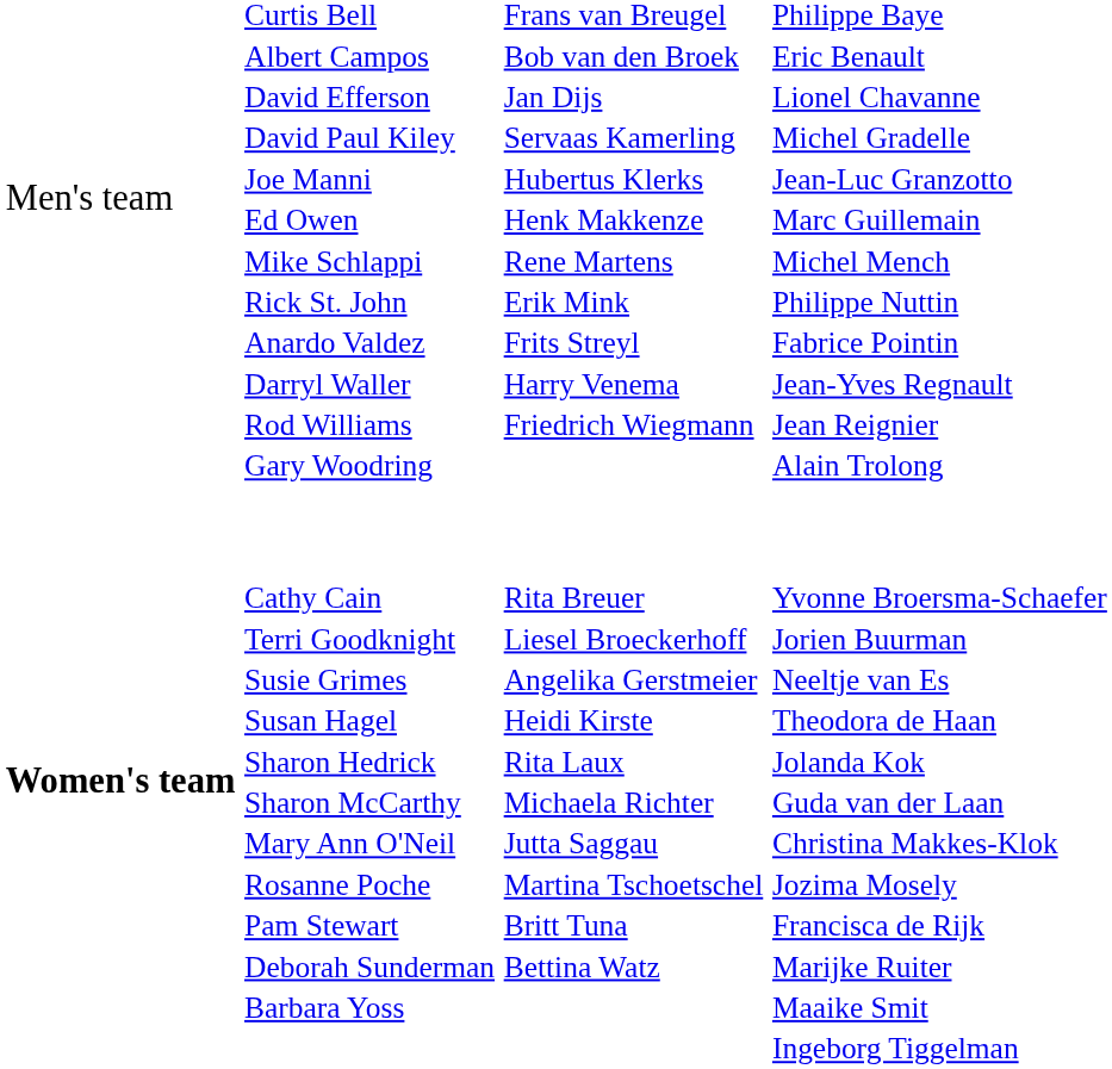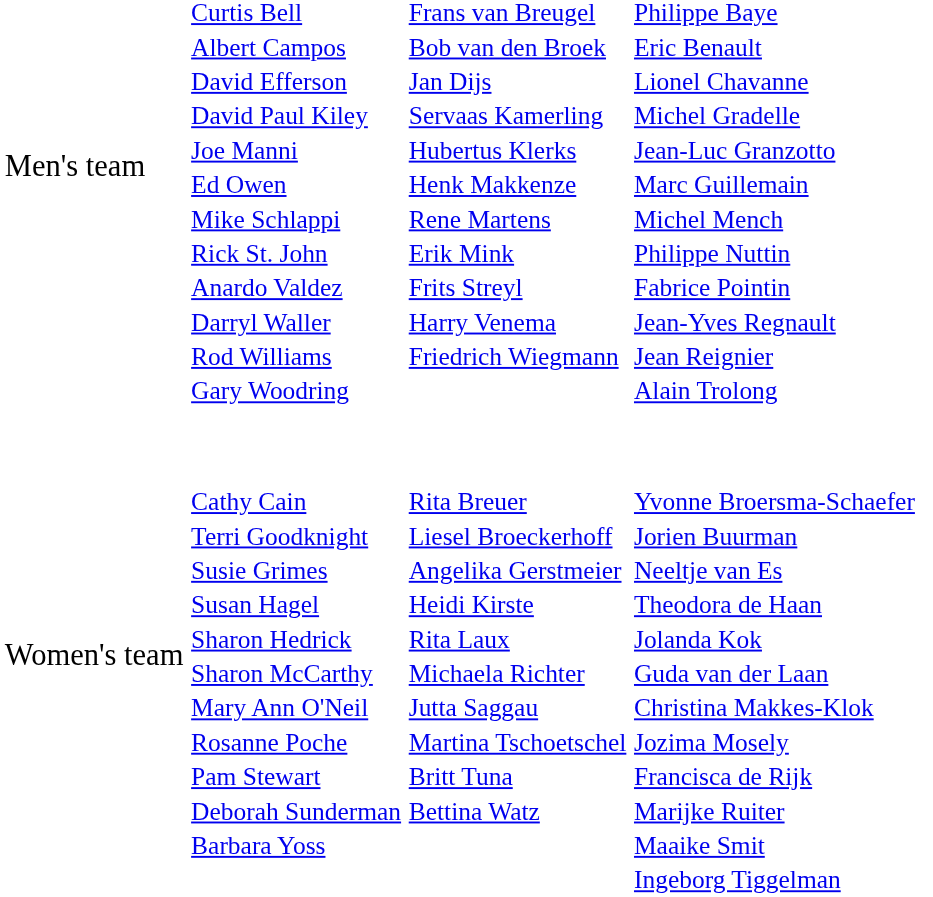 <table>
 <tr>
 <td>Men's team<br></td>
 <td valign=top> <br><br><small><a href='#'>Curtis Bell</a> <br> <a href='#'>Albert Campos</a> <br> <a href='#'>David Efferson</a> <br> <a href='#'>David Paul Kiley</a> <br> <a href='#'>Joe Manni</a> <br> <a href='#'>Ed Owen</a> <br> <a href='#'>Mike Schlappi</a> <br> <a href='#'>Rick St. John</a> <br> <a href='#'>Anardo Valdez</a> <br> <a href='#'>Darryl Waller</a> <br> <a href='#'>Rod Williams</a> <br> <a href='#'>Gary Woodring</a></small></td>
 <td valign=top> <br><br><small><a href='#'>Frans van Breugel</a> <br> <a href='#'>Bob van den Broek</a> <br> <a href='#'>Jan Dijs</a> <br> <a href='#'>Servaas Kamerling</a> <br> <a href='#'>Hubertus Klerks</a> <br> <a href='#'>Henk Makkenze</a> <br> <a href='#'>Rene Martens</a> <br> <a href='#'>Erik Mink</a> <br> <a href='#'>Frits Streyl</a> <br> <a href='#'>Harry Venema</a> <br> <a href='#'>Friedrich Wiegmann</a></small></td>
 <td valign=top> <br><br><small><a href='#'>Philippe Baye</a> <br> <a href='#'>Eric Benault</a> <br> <a href='#'>Lionel Chavanne</a> <br> <a href='#'>Michel Gradelle</a> <br> <a href='#'>Jean-Luc Granzotto</a> <br> <a href='#'>Marc Guillemain</a> <br> <a href='#'>Michel Mench</a> <br> <a href='#'>Philippe Nuttin</a> <br> <a href='#'>Fabrice Pointin</a> <br> <a href='#'>Jean-Yves Regnault</a> <br> <a href='#'>Jean Reignier</a> <br> <a href='#'>Alain Trolong</a></small></td>
 </tr>
 <tr>
-<td><strong>Women's team<br></strong></td>
+<td>Women's team<br></td>
 <td valign=top> <br><br><small><a href='#'>Cathy Cain</a> <br> <a href='#'>Terri Goodknight</a> <br> <a href='#'>Susie Grimes</a> <br> <a href='#'>Susan Hagel</a> <br> <a href='#'>Sharon Hedrick</a> <br> <a href='#'>Sharon McCarthy</a> <br> <a href='#'>Mary Ann O'Neil</a> <br> <a href='#'>Rosanne Poche</a> <br> <a href='#'>Pam Stewart</a> <br> <a href='#'>Deborah Sunderman</a> <br> <a href='#'>Barbara Yoss</a></small></td>
 <td valign=top> <br><br><small><a href='#'>Rita Breuer</a> <br> <a href='#'>Liesel Broeckerhoff</a> <br> <a href='#'>Angelika Gerstmeier</a> <br> <a href='#'>Heidi Kirste</a> <br> <a href='#'>Rita Laux</a> <br> <a href='#'>Michaela Richter</a> <br> <a href='#'>Jutta Saggau</a> <br> <a href='#'>Martina Tschoetschel</a> <br> <a href='#'>Britt Tuna</a> <br> <a href='#'>Bettina Watz</a></small></td>
 <td valign=top> <br><br><small><a href='#'>Yvonne Broersma-Schaefer</a> <br> <a href='#'>Jorien Buurman</a> <br> <a href='#'>Neeltje van Es</a> <br> <a href='#'>Theodora de Haan</a> <br> <a href='#'>Jolanda Kok</a> <br> <a href='#'>Guda van der Laan</a> <br> <a href='#'>Christina Makkes-Klok</a> <br> <a href='#'>Jozima Mosely</a> <br> <a href='#'>Francisca de Rijk</a> <br> <a href='#'>Marijke Ruiter</a> <br> <a href='#'>Maaike Smit</a> <br> <a href='#'>Ingeborg Tiggelman</a></small></td>
 </tr>
 </table>
